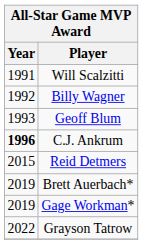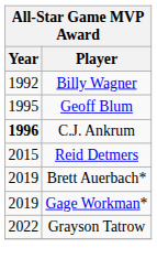 <table class="wikitable" style="display: inline-table; margin-right: 20px; text-align:center">
 <tr>
 <th scope="col" colspan="2" style="width: 145px;">All-Star Game MVP Award</th>
 </tr>
 <tr>
 <th scope="col">Year</th>
 <th scope="col">Player</th>
 </tr>
 <tr>
-<td>1991</td>
-<td>Will Scalzitti</td>
-</tr>
-<tr>
 <td>1992</td>
 <td><a href='#'>Billy Wagner</a></td>
 </tr>
 <tr>
-<td>1993</td>
+<td>1995</td>
 <td><a href='#'>Geoff Blum</a></td>
 </tr>
 <tr>
 <td><strong>1996</strong></td>
 <td>C.J. Ankrum</td>
 </tr>
 <tr>
 <td>2015</td>
 <td><a href='#'>Reid Detmers</a></td>
 </tr>
 <tr>
 <td>2019</td>
 <td>Brett Auerbach*</td>
 </tr>
 <tr>
 <td>2019</td>
 <td><a href='#'>Gage Workman</a>*</td>
 </tr>
 <tr>
 <td>2022</td>
 <td>Grayson Tatrow</td>
 </tr>
 <tr>
 </tr>
 </table>
